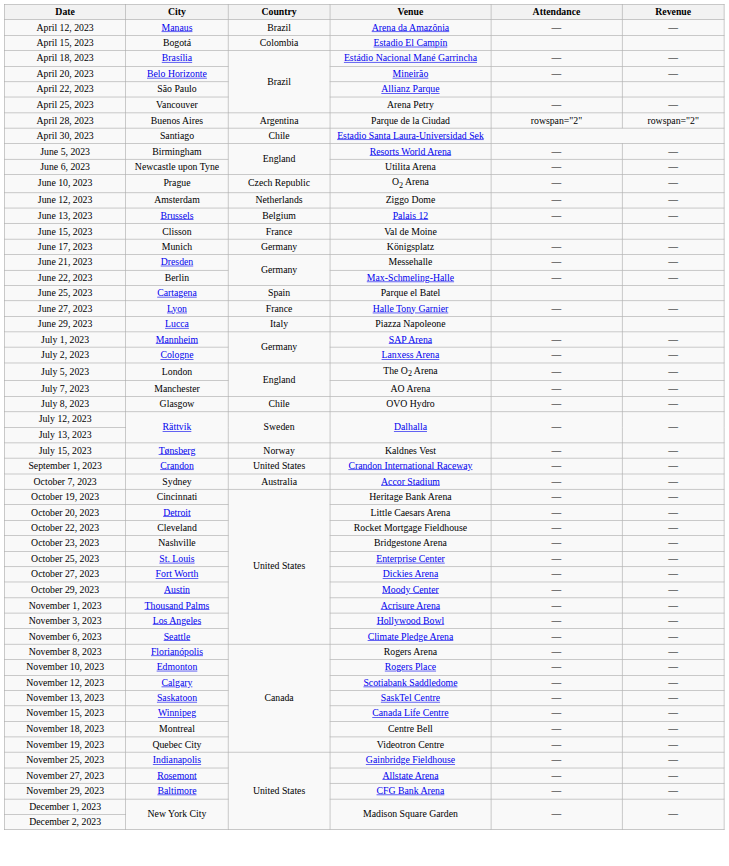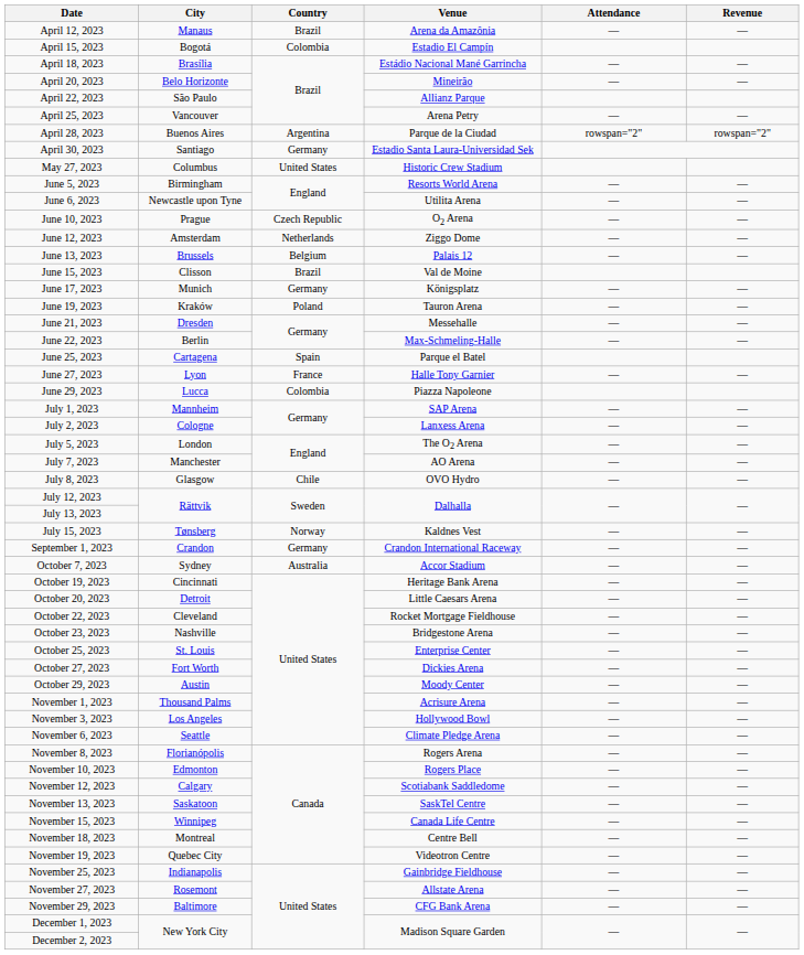 <table class="wikitable plainrowheaders" style="text-align:center;">
 <tr>
 <th scope="col" style="width:12em;">Date</th>
 <th scope="col" style="width:10em;">City</th>
 <th scope="col" style="width:10em;">Country</th>
 <th scope="col" style="width:16em;">Venue</th>
 <th scope="col" style="width:13em;">Attendance</th>
 <th scope="col" style="width:10em;">Revenue</th>
 </tr>
 <tr>
 <td>April 12, 2023</td>
 <td><a href='#'>Manaus</a></td>
 <td>Brazil</td>
 <td><a href='#'>Arena da Amazônia</a></td>
 <td>—</td>
 <td>—</td>
 </tr>
 <tr>
 <td>April 15, 2023</td>
 <td>Bogotá</td>
 <td>Colombia</td>
 <td><a href='#'>Estadio El Campín</a></td>
 <td></td>
 <td></td>
 </tr>
 <tr>
 <td>April 18, 2023</td>
 <td><a href='#'>Brasília</a></td>
 <td rowspan="4">Brazil</td>
 <td><a href='#'>Estádio Nacional Mané Garrincha</a></td>
 <td>—</td>
 <td>—</td>
 </tr>
 <tr>
 <td>April 20, 2023</td>
 <td><a href='#'>Belo Horizonte</a></td>
 <td><a href='#'>Mineirão</a></td>
 <td>—</td>
 <td>—</td>
 </tr>
 <tr>
 <td>April 22, 2023</td>
 <td>São Paulo</td>
 <td><a href='#'>Allianz Parque</a></td>
 <td></td>
 <td></td>
 </tr>
 <tr>
 <td>April 25, 2023</td>
 <td>Vancouver</td>
 <td>Arena Petry</td>
 <td>—</td>
 <td>—</td>
 </tr>
 <tr>
 <td>April 28, 2023</td>
 <td>Buenos Aires</td>
 <td>Argentina</td>
 <td>Parque de la Ciudad</td>
 <td>rowspan="2" </td>
 <td>rowspan="2" </td>
 </tr>
 <tr>
 <td>April 30, 2023</td>
 <td>Santiago</td>
-<td>Chile</td>
+<td>Germany</td>
 <td><a href='#'>Estadio Santa Laura-Universidad Sek</a></td>
+</tr>
+<tr>
+<td>May 27, 2023</td>
+<td>Columbus</td>
+<td>United States</td>
+<td><a href='#'>Historic Crew Stadium</a></td>
+<td></td>
+<td></td>
 </tr>
 <tr>
 <td>June 5, 2023</td>
 <td>Birmingham</td>
 <td rowspan="2">England</td>
 <td><a href='#'>Resorts World Arena</a></td>
 <td>—</td>
 <td>—</td>
 </tr>
 <tr>
 <td>June 6, 2023</td>
 <td>Newcastle upon Tyne</td>
 <td>Utilita Arena</td>
 <td>—</td>
 <td>—</td>
 </tr>
 <tr>
 <td>June 10, 2023</td>
 <td>Prague</td>
 <td>Czech Republic</td>
 <td>O<sub>2</sub> Arena</td>
 <td>—</td>
 <td>—</td>
 </tr>
 <tr>
 <td>June 12, 2023</td>
 <td>Amsterdam</td>
 <td>Netherlands</td>
 <td>Ziggo Dome</td>
 <td>—</td>
 <td>—</td>
 </tr>
 <tr>
 <td>June 13, 2023</td>
 <td><a href='#'>Brussels</a></td>
 <td>Belgium</td>
 <td><a href='#'>Palais 12</a></td>
 <td>—</td>
 <td>—</td>
 </tr>
 <tr>
 <td>June 15, 2023</td>
 <td>Clisson</td>
-<td>France</td>
+<td>Brazil</td>
 <td>Val de Moine</td>
 <td></td>
 <td></td>
 </tr>
 <tr>
 <td>June 17, 2023</td>
 <td>Munich</td>
 <td>Germany</td>
 <td>Königsplatz</td>
+<td>—</td>
+<td>—</td>
+</tr>
+<tr>
+<td>June 19, 2023</td>
+<td>Kraków</td>
+<td>Poland</td>
+<td>Tauron Arena</td>
 <td>—</td>
 <td>—</td>
 </tr>
 <tr>
 <td>June 21, 2023</td>
 <td><a href='#'>Dresden</a></td>
 <td rowspan="2">Germany</td>
 <td>Messehalle</td>
 <td>—</td>
 <td>—</td>
 </tr>
 <tr>
 <td>June 22, 2023</td>
 <td>Berlin</td>
 <td><a href='#'>Max-Schmeling-Halle</a></td>
 <td>—</td>
 <td>—</td>
 </tr>
 <tr>
 <td>June 25, 2023</td>
 <td><a href='#'>Cartagena</a></td>
 <td>Spain</td>
 <td>Parque el Batel</td>
 <td></td>
 <td></td>
 </tr>
 <tr>
 <td>June 27, 2023</td>
 <td><a href='#'>Lyon</a></td>
 <td>France</td>
 <td><a href='#'>Halle Tony Garnier</a></td>
 <td>—</td>
 <td>—</td>
 </tr>
 <tr>
 <td>June 29, 2023</td>
 <td><a href='#'>Lucca</a></td>
-<td>Italy</td>
+<td>Colombia</td>
 <td>Piazza Napoleone</td>
 <td></td>
 <td></td>
 </tr>
 <tr>
 <td>July 1, 2023</td>
 <td><a href='#'>Mannheim</a></td>
 <td rowspan="2">Germany</td>
 <td><a href='#'>SAP Arena</a></td>
 <td>—</td>
 <td>—</td>
 </tr>
 <tr>
 <td>July 2, 2023</td>
 <td><a href='#'>Cologne</a></td>
 <td><a href='#'>Lanxess Arena</a></td>
 <td>—</td>
 <td>—</td>
 </tr>
 <tr>
 <td>July 5, 2023</td>
 <td>London</td>
 <td rowspan="2">England</td>
 <td>The O<sub>2</sub> Arena</td>
 <td>—</td>
 <td>—</td>
 </tr>
 <tr>
 <td>July 7, 2023</td>
 <td>Manchester</td>
 <td>AO Arena</td>
 <td>—</td>
 <td>—</td>
 </tr>
 <tr>
 <td>July 8, 2023</td>
 <td>Glasgow</td>
 <td>Chile</td>
 <td>OVO Hydro</td>
 <td>—</td>
 <td>—</td>
 </tr>
 <tr>
 <td>July 12, 2023</td>
 <td rowspan="2"><a href='#'>Rättvik</a></td>
 <td rowspan="2">Sweden</td>
 <td rowspan="2"><a href='#'>Dalhalla</a></td>
 <td rowspan="2">—</td>
 <td rowspan="2">—</td>
 </tr>
 <tr>
 <td>July 13, 2023</td>
 </tr>
 <tr>
 <td>July 15, 2023</td>
 <td><a href='#'>Tønsberg</a></td>
 <td>Norway</td>
 <td>Kaldnes Vest</td>
 <td>—</td>
 <td>—</td>
 </tr>
 <tr>
 <td>September 1, 2023</td>
 <td><a href='#'>Crandon</a></td>
-<td>United States</td>
+<td>Germany</td>
 <td><a href='#'>Crandon International Raceway</a></td>
 <td>—</td>
 <td>—</td>
 </tr>
 <tr>
 <td>October 7, 2023</td>
 <td>Sydney</td>
 <td>Australia</td>
 <td><a href='#'>Accor Stadium</a></td>
 <td>—</td>
 <td>—</td>
 </tr>
 <tr>
 <td>October 19, 2023</td>
 <td>Cincinnati</td>
 <td rowspan="10">United States</td>
 <td>Heritage Bank Arena</td>
 <td>—</td>
 <td>—</td>
 </tr>
 <tr>
 <td>October 20, 2023</td>
 <td><a href='#'>Detroit</a></td>
 <td>Little Caesars Arena</td>
 <td>—</td>
 <td>—</td>
 </tr>
 <tr>
 <td>October 22, 2023</td>
 <td>Cleveland</td>
 <td>Rocket Mortgage Fieldhouse</td>
 <td>—</td>
 <td>—</td>
 </tr>
 <tr>
 <td>October 23, 2023</td>
 <td>Nashville</td>
 <td>Bridgestone Arena</td>
 <td>—</td>
 <td>—</td>
 </tr>
 <tr>
 <td>October 25, 2023</td>
 <td><a href='#'>St. Louis</a></td>
 <td><a href='#'>Enterprise Center</a></td>
 <td>—</td>
 <td>—</td>
 </tr>
 <tr>
 <td>October 27, 2023</td>
 <td><a href='#'>Fort Worth</a></td>
 <td><a href='#'>Dickies Arena</a></td>
 <td>—</td>
 <td>—</td>
 </tr>
 <tr>
 <td>October 29, 2023</td>
 <td><a href='#'>Austin</a></td>
 <td><a href='#'>Moody Center</a></td>
 <td>—</td>
 <td>—</td>
 </tr>
 <tr>
 <td>November 1, 2023</td>
 <td><a href='#'>Thousand Palms</a></td>
 <td><a href='#'>Acrisure Arena</a></td>
 <td>—</td>
 <td>—</td>
 </tr>
 <tr>
 <td>November 3, 2023</td>
 <td><a href='#'>Los Angeles</a></td>
 <td><a href='#'>Hollywood Bowl</a></td>
 <td>—</td>
 <td>—</td>
 </tr>
 <tr>
 <td>November 6, 2023</td>
 <td><a href='#'>Seattle</a></td>
 <td><a href='#'>Climate Pledge Arena</a></td>
 <td>—</td>
 <td>—</td>
 </tr>
 <tr>
 <td>November 8, 2023</td>
 <td><a href='#'>Florianópolis</a></td>
 <td rowspan="7">Canada</td>
 <td>Rogers Arena</td>
 <td>—</td>
 <td>—</td>
 </tr>
 <tr>
 <td>November 10, 2023</td>
 <td><a href='#'>Edmonton</a></td>
 <td><a href='#'>Rogers Place</a></td>
 <td>—</td>
 <td>—</td>
 </tr>
 <tr>
 <td>November 12, 2023</td>
 <td><a href='#'>Calgary</a></td>
 <td><a href='#'>Scotiabank Saddledome</a></td>
 <td>—</td>
 <td>—</td>
 </tr>
 <tr>
 <td>November 13, 2023</td>
 <td><a href='#'>Saskatoon</a></td>
 <td><a href='#'>SaskTel Centre</a></td>
 <td>—</td>
 <td>—</td>
 </tr>
 <tr>
 <td>November 15, 2023</td>
 <td><a href='#'>Winnipeg</a></td>
 <td><a href='#'>Canada Life Centre</a></td>
 <td>—</td>
 <td>—</td>
 </tr>
 <tr>
 <td>November 18, 2023</td>
 <td>Montreal</td>
 <td>Centre Bell</td>
 <td>—</td>
 <td>—</td>
 </tr>
 <tr>
 <td>November 19, 2023</td>
 <td>Quebec City</td>
 <td>Videotron Centre</td>
 <td>—</td>
 <td>—</td>
 </tr>
 <tr>
 <td>November 25, 2023</td>
 <td><a href='#'>Indianapolis</a></td>
 <td rowspan="5">United States</td>
 <td><a href='#'>Gainbridge Fieldhouse</a></td>
 <td>—</td>
 <td>—</td>
 </tr>
 <tr>
 <td>November 27, 2023</td>
 <td><a href='#'>Rosemont</a></td>
 <td><a href='#'>Allstate Arena</a></td>
 <td>—</td>
 <td>—</td>
 </tr>
 <tr>
 <td>November 29, 2023</td>
 <td><a href='#'>Baltimore</a></td>
 <td><a href='#'>CFG Bank Arena</a></td>
 <td>—</td>
 <td>—</td>
 </tr>
 <tr>
 <td>December 1, 2023</td>
 <td rowspan="2">New York City</td>
 <td rowspan="2">Madison Square Garden</td>
 <td rowspan="2">—</td>
 <td rowspan="2">—</td>
 </tr>
 <tr>
 <td>December 2, 2023</td>
 </tr>
 </table>
